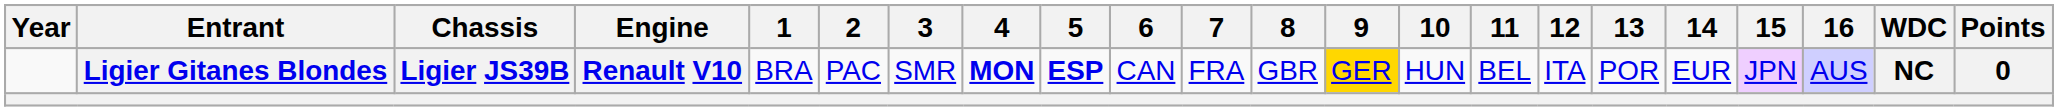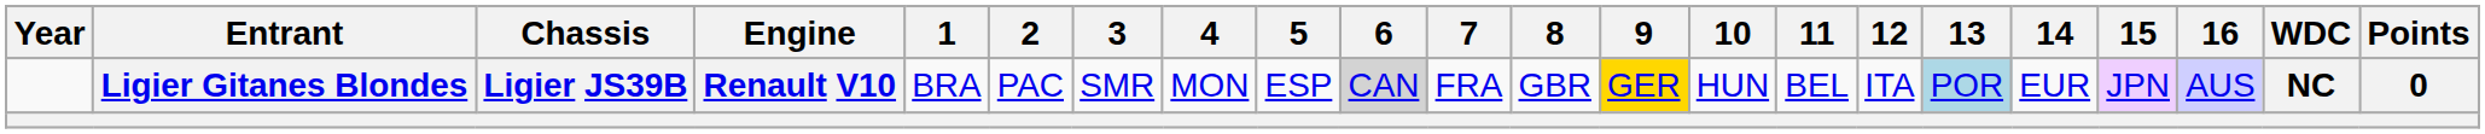 <table class="wikitable" style="text-align:center; font-size:85%">
 <tr>
 <th>Year</th>
 <th>Entrant</th>
 <th>Chassis</th>
 <th>Engine</th>
 <th>1</th>
 <th>2</th>
 <th>3</th>
 <th>4</th>
 <th>5</th>
 <th>6</th>
 <th>7</th>
 <th>8</th>
 <th>9</th>
 <th>10</th>
 <th>11</th>
 <th>12</th>
 <th>13</th>
 <th>14</th>
 <th>15</th>
 <th>16</th>
 <th>WDC</th>
 <th>Points</th>
 </tr>
 <tr>
 <td></td>
 <th nowrap><a href='#'>Ligier Gitanes Blondes</a></th>
 <th nowrap><a href='#'>Ligier</a> <a href='#'>JS39B</a></th>
 <th nowrap><a href='#'>Renault</a> <a href='#'>V10</a></th>
 <td><a href='#'>BRA</a></td>
 <td><a href='#'>PAC</a></td>
 <td><a href='#'>SMR</a></td>
-<td><strong><a href='#'>MON</a></strong></td>
-<td><strong><a href='#'>ESP</a></strong></td>
-<td><a href='#'>CAN</a></td>
+<td><a href='#'>MON</a></td>
+<td><a href='#'>ESP</a></td>
+<td style="background: lightgrey;"><a href='#'>CAN</a></td>
 <td><a href='#'>FRA</a></td>
 <td><a href='#'>GBR</a></td>
 <td style="background: gold;"><a href='#'>GER</a></td>
 <td><a href='#'>HUN</a></td>
 <td><a href='#'>BEL</a></td>
 <td><a href='#'>ITA</a></td>
-<td><a href='#'>POR</a></td>
+<td style="background: lightblue;"><a href='#'>POR</a></td>
 <td><a href='#'>EUR</a></td>
 <td style="background:#EFCFFF;"><a href='#'>JPN</a><br></td>
 <td style="background:#CFCFFF;"><a href='#'>AUS</a><br></td>
 <th>NC</th>
 <th>0</th>
 </tr>
 <tr>
 <th colspan="22"></th>
 </tr>
 </table>
